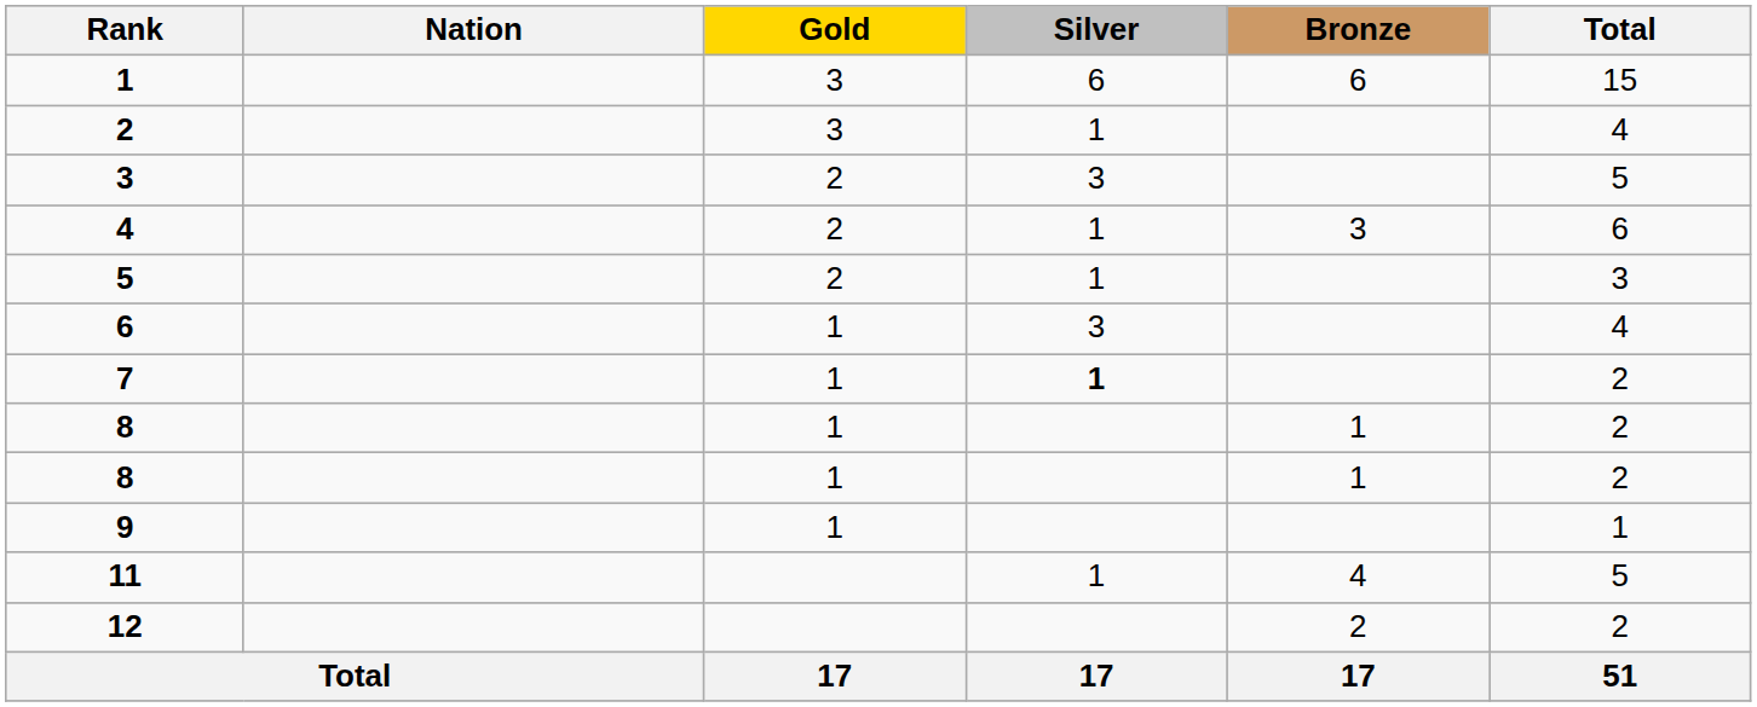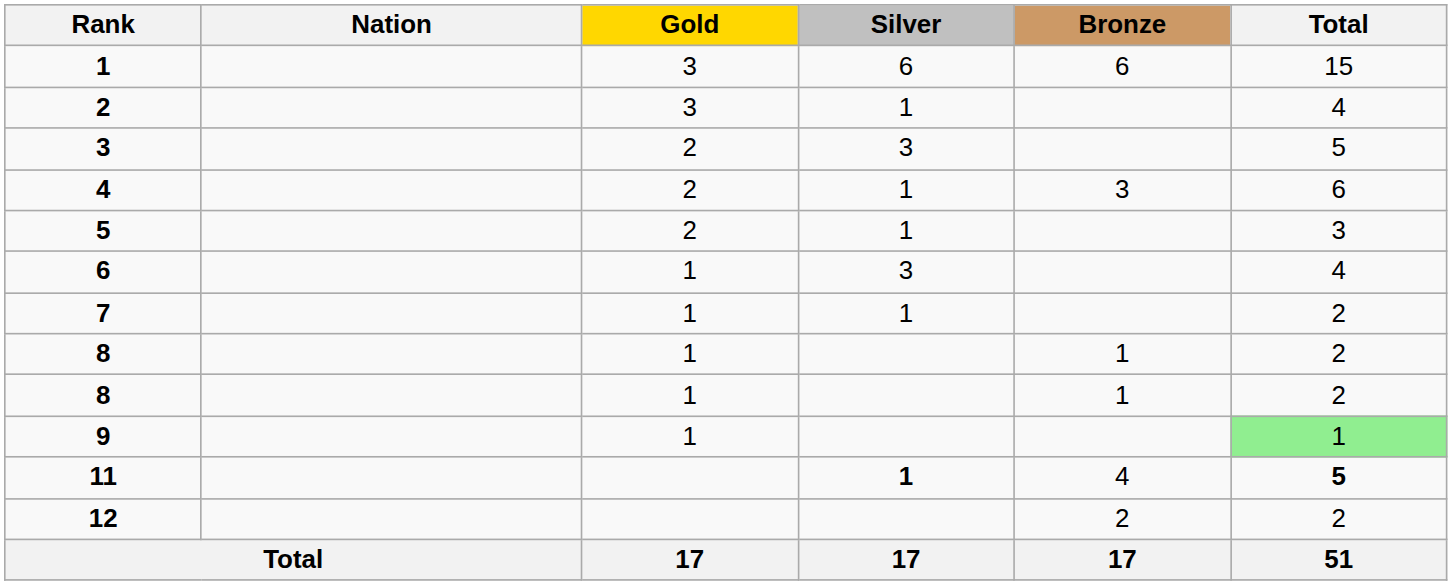 <table class="wikitable collapsible autocollapse plainrowheaders" width=70.5% style="text-align:center;">
 <tr style="background-color:#EDEDED;">
 <th width=100px class="hintergrundfarbe5">Rank</th>
 <th width=200px class="hintergrundfarbe6">Nation</th>
 <th style="background:    gold; width:15%">Gold</th>
 <th style="background:  silver; width:15%">Silver</th>
 <th style="background: #CC9966; width:15%">Bronze</th>
 <th class="hintergrundfarbe6" style="width:15%">Total</th>
 </tr>
 <tr>
 <td><strong>1</strong></td>
 <td align=left></td>
 <td>3</td>
 <td>6</td>
 <td>6</td>
 <td>15</td>
 </tr>
 <tr>
 <td><strong>2</strong></td>
 <td align=left></td>
 <td>3</td>
 <td>1</td>
 <td></td>
 <td>4</td>
 </tr>
 <tr>
 <td><strong>3</strong></td>
 <td align=left></td>
 <td>2</td>
 <td>3</td>
 <td></td>
 <td>5</td>
 </tr>
 <tr>
 <td><strong>4</strong></td>
 <td align=left></td>
 <td>2</td>
 <td>1</td>
 <td>3</td>
 <td>6</td>
 </tr>
 <tr>
 <td><strong>5</strong></td>
 <td align=left></td>
 <td>2</td>
 <td>1</td>
 <td></td>
 <td>3</td>
 </tr>
 <tr>
 <td><strong>6</strong></td>
 <td align=left></td>
 <td>1</td>
 <td>3</td>
 <td></td>
 <td>4</td>
 </tr>
 <tr>
 <td><strong>7</strong></td>
 <td align=left></td>
 <td>1</td>
-<td><strong>1</strong></td>
+<td>1</td>
 <td></td>
 <td>2</td>
 </tr>
 <tr>
 <td><strong>8</strong></td>
 <td align=left></td>
 <td>1</td>
 <td></td>
 <td>1</td>
 <td>2</td>
 </tr>
 <tr>
 <td><strong>8</strong></td>
 <td align=left></td>
 <td>1</td>
 <td></td>
 <td>1</td>
 <td>2</td>
 </tr>
 <tr>
 <td><strong>9</strong></td>
 <td align=left></td>
 <td>1</td>
 <td></td>
 <td></td>
-<td>1</td>
+<td style="background: lightgreen;">1</td>
 </tr>
 <tr>
 <td><strong>11</strong></td>
 <td align=left></td>
 <td></td>
-<td>1</td>
+<td><strong>1</strong></td>
 <td>4</td>
-<td>5</td>
+<td><strong>5</strong></td>
 </tr>
 <tr>
 <td><strong>12</strong></td>
 <td align=left></td>
 <td></td>
 <td></td>
 <td>2</td>
 <td>2</td>
 </tr>
 <tr>
 <th colspan=2>Total</th>
 <th>17</th>
 <th>17</th>
 <th>17</th>
 <th>51</th>
 </tr>
 </table>
